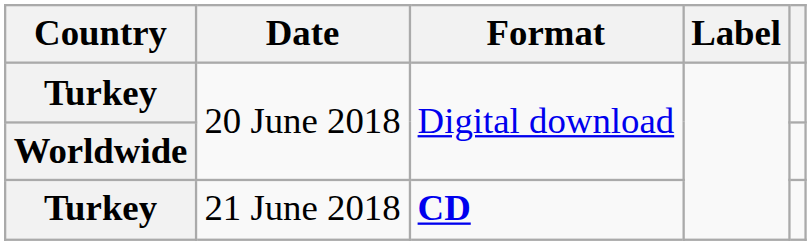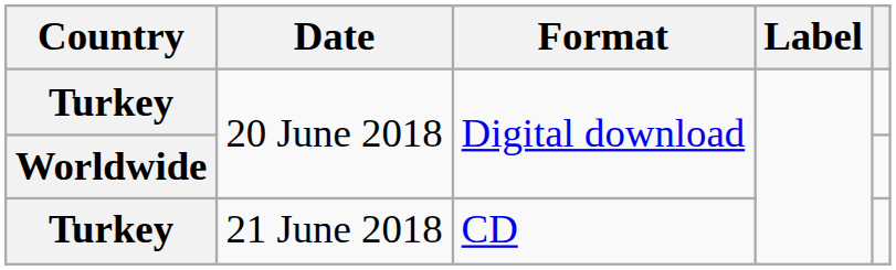 <table class="wikitable plainrowheaders">
 <tr>
 <th scope="col">Country</th>
 <th scope="col">Date</th>
 <th scope="col">Format</th>
 <th scope="col">Label</th>
 <th scope="col"></th>
 </tr>
 <tr>
 <th scope="row">Turkey</th>
 <td rowspan="2">20 June 2018</td>
 <td rowspan="2"><a href='#'>Digital download</a></td>
 <td rowspan="3"></td>
 <td align="center"></td>
 </tr>
 <tr>
 <th scope="row">Worldwide</th>
 <td align="center"></td>
 </tr>
 <tr>
 <th scope="row">Turkey</th>
 <td>21 June 2018</td>
-<td><strong><a href='#'>CD</a></strong></td>
+<td><a href='#'>CD</a></td>
 <td align="center"></td>
 </tr>
 </table>
